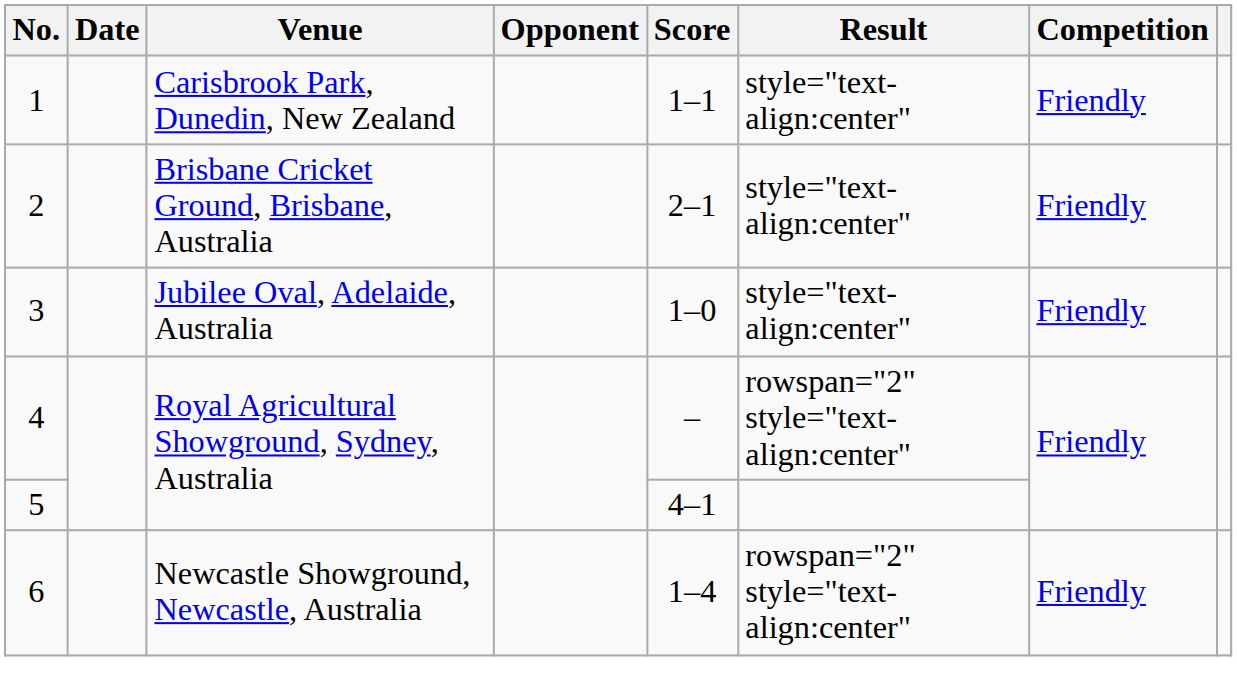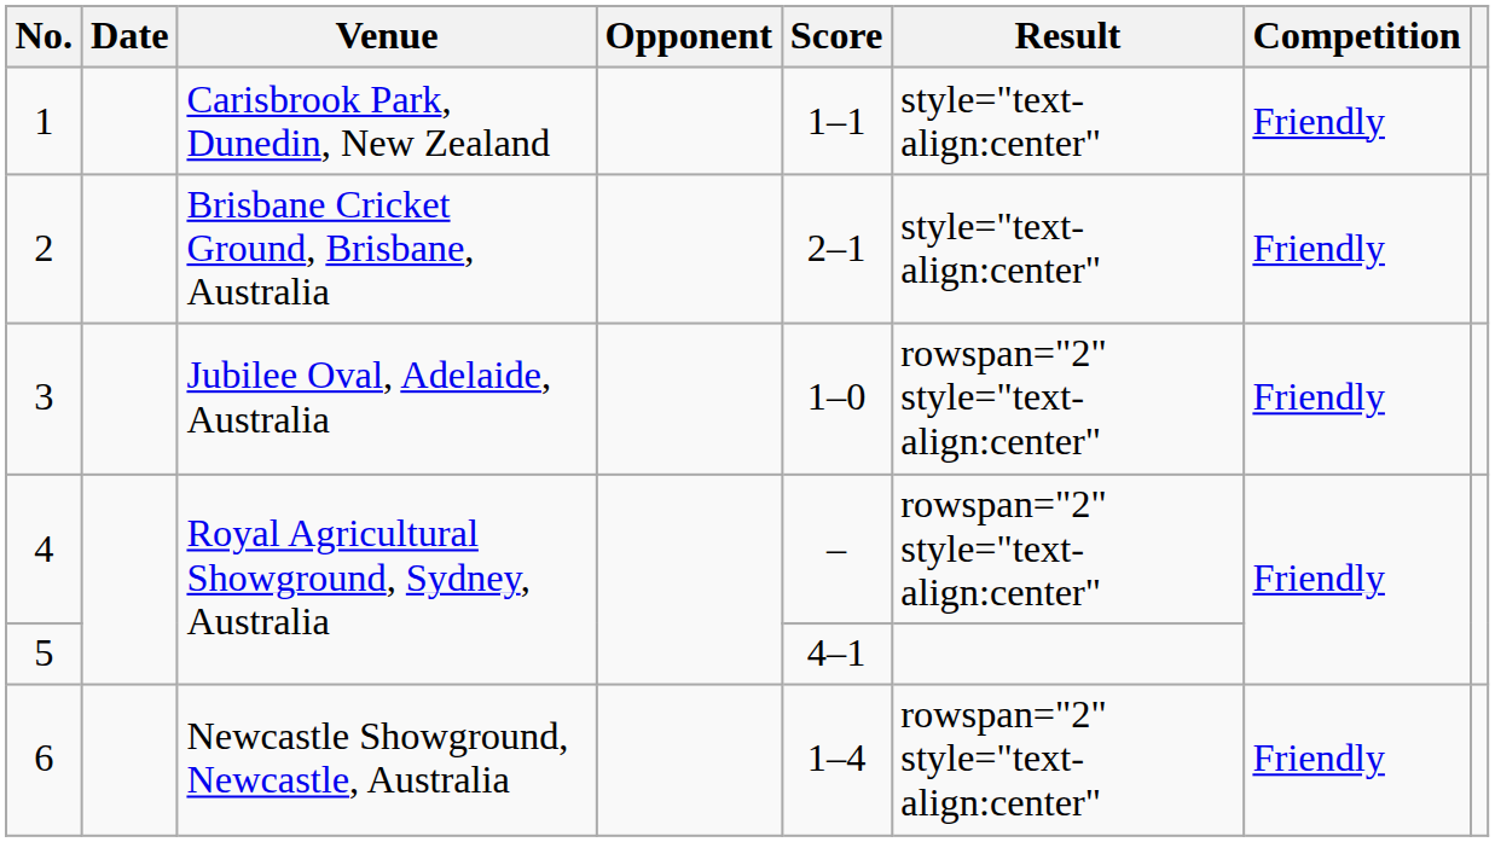 <table class="wikitable sortable">
 <tr>
 <th scope="col">No.</th>
 <th scope="col">Date</th>
 <th scope="col">Venue</th>
 <th scope="col">Opponent</th>
 <th scope="col">Score</th>
 <th scope="col">Result</th>
 <th scope="col">Competition</th>
 <th scope="col" class="unsortable"></th>
 </tr>
 <tr>
 <td style="text-align:center">1</td>
 <td></td>
 <td><a href='#'>Carisbrook Park</a>, <a href='#'>Dunedin</a>, New Zealand</td>
 <td></td>
 <td style="text-align:center">1–1</td>
 <td>style="text-align:center" </td>
 <td><a href='#'>Friendly</a></td>
 <td></td>
 </tr>
 <tr>
 <td style="text-align:center">2</td>
 <td></td>
 <td><a href='#'>Brisbane Cricket Ground</a>, <a href='#'>Brisbane</a>, Australia</td>
 <td></td>
 <td style="text-align:center">2–1</td>
 <td>style="text-align:center" </td>
 <td><a href='#'>Friendly</a></td>
 <td></td>
 </tr>
 <tr>
 <td style="text-align:center">3</td>
 <td></td>
 <td><a href='#'>Jubilee Oval</a>, <a href='#'>Adelaide</a>, Australia</td>
 <td></td>
 <td style="text-align:center">1–0</td>
-<td>style="text-align:center" </td>
+<td>rowspan="2" style="text-align:center" </td>
 <td><a href='#'>Friendly</a></td>
 <td></td>
 </tr>
 <tr>
 <td style="text-align:center">4</td>
 <td rowspan="2"></td>
 <td rowspan="2"><a href='#'>Royal Agricultural Showground</a>, <a href='#'>Sydney</a>, Australia</td>
 <td rowspan="2"></td>
 <td style="text-align:center">–</td>
 <td>rowspan="2" style="text-align:center" </td>
 <td rowspan="2"><a href='#'>Friendly</a></td>
 <td rowspan="2"></td>
 </tr>
 <tr>
 <td style="text-align:center">5</td>
 <td style="text-align:center">4–1</td>
 </tr>
 <tr>
 <td style="text-align:center">6</td>
 <td></td>
 <td>Newcastle Showground, <a href='#'>Newcastle</a>, Australia</td>
 <td></td>
 <td style="text-align:center">1–4</td>
 <td>rowspan="2" style="text-align:center" </td>
 <td><a href='#'>Friendly</a></td>
 <td></td>
 </tr>
 </table>
